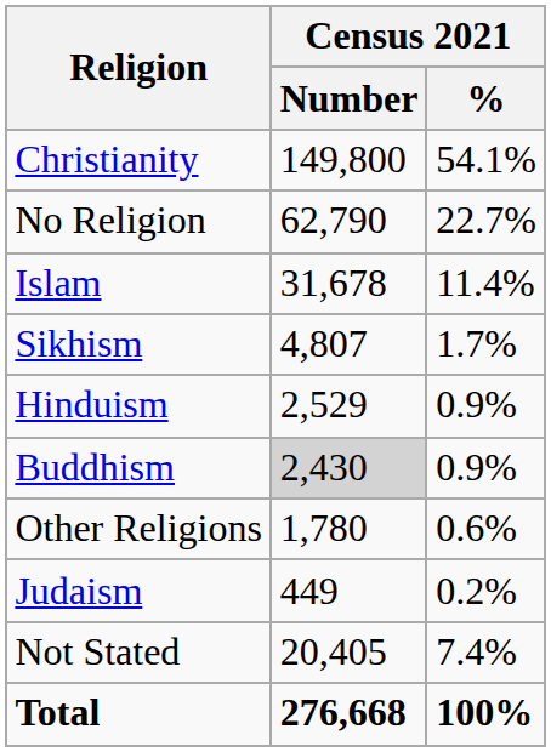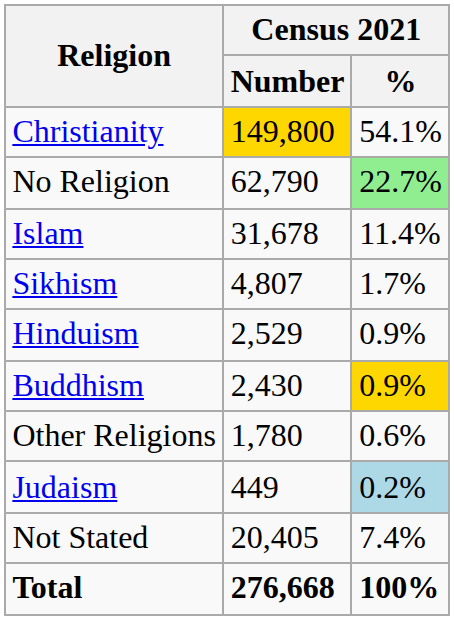 <table class="wikitable">
 <tr>
 <th rowspan="2">Religion</th>
 <th colspan="2">Census 2021</th>
 </tr>
 <tr>
 <th>Number</th>
 <th>%</th>
 </tr>
 <tr>
 <td> <a href='#'>Christianity</a></td>
-<td>149,800</td>
+<td style="background: gold;">149,800</td>
 <td>54.1%</td>
 </tr>
 <tr>
 <td>No Religion</td>
 <td>62,790</td>
-<td>22.7%</td>
+<td style="background: lightgreen;">22.7%</td>
 </tr>
 <tr>
 <td> <a href='#'>Islam</a></td>
 <td>31,678</td>
 <td>11.4%</td>
 </tr>
 <tr>
 <td> <a href='#'>Sikhism</a></td>
 <td>4,807</td>
 <td>1.7%</td>
 </tr>
 <tr>
 <td> <a href='#'>Hinduism</a></td>
 <td>2,529</td>
 <td>0.9%</td>
 </tr>
 <tr>
 <td> <a href='#'>Buddhism</a></td>
-<td style="background: lightgrey;">2,430</td>
-<td>0.9%</td>
+<td>2,430</td>
+<td style="background: gold;">0.9%</td>
 </tr>
 <tr>
 <td>Other Religions</td>
 <td>1,780</td>
 <td>0.6%</td>
 </tr>
 <tr>
 <td> <a href='#'>Judaism</a></td>
 <td>449</td>
-<td>0.2%</td>
+<td style="background: lightblue;">0.2%</td>
 </tr>
 <tr>
 <td>Not Stated</td>
 <td>20,405</td>
 <td>7.4%</td>
 </tr>
 <tr>
 <td><strong>Total</strong></td>
 <td><strong>276,668</strong></td>
 <td><strong>100%</strong></td>
 </tr>
 </table>
